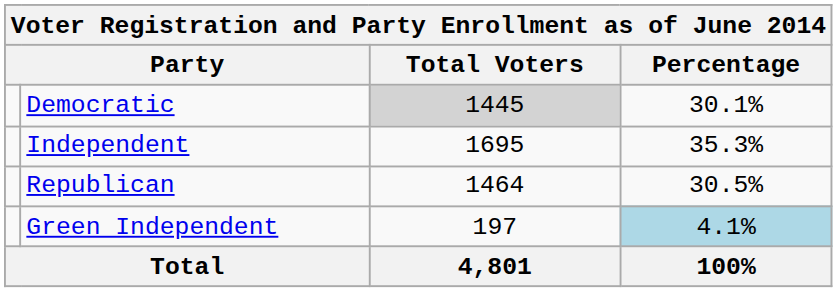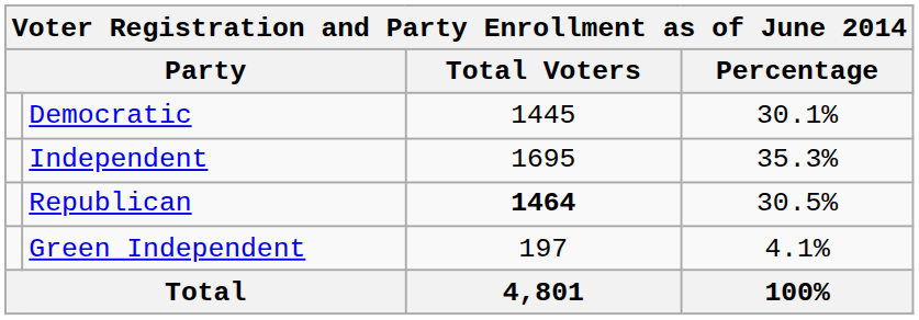 <table class=wikitable>
 <tr>
 <th colspan = 6>Voter Registration and Party Enrollment as of June 2014</th>
 </tr>
 <tr>
 <th colspan = 2>Party</th>
 <th>Total Voters</th>
 <th>Percentage</th>
 </tr>
 <tr>
 <td></td>
 <td><a href='#'>Democratic</a></td>
-<td align = center style="background: lightgrey;">1445</td>
+<td align = center>1445</td>
 <td align = center>30.1%</td>
 </tr>
 <tr>
 <td></td>
 <td><a href='#'>Independent</a></td>
 <td align = center>1695</td>
 <td align = center>35.3%</td>
 </tr>
 <tr>
 <td></td>
 <td><a href='#'>Republican</a></td>
-<td align = center>1464</td>
+<td align = center><strong>1464</strong></td>
 <td align = center>30.5%</td>
 </tr>
 <tr>
 <td></td>
 <td><a href='#'>Green Independent</a></td>
 <td align = center>197</td>
-<td align = center style="background: lightblue;">4.1%</td>
+<td align = center>4.1%</td>
 </tr>
 <tr>
 <th colspan = 2>Total</th>
 <th align = center>4,801</th>
 <th align = center>100%</th>
 </tr>
 </table>
